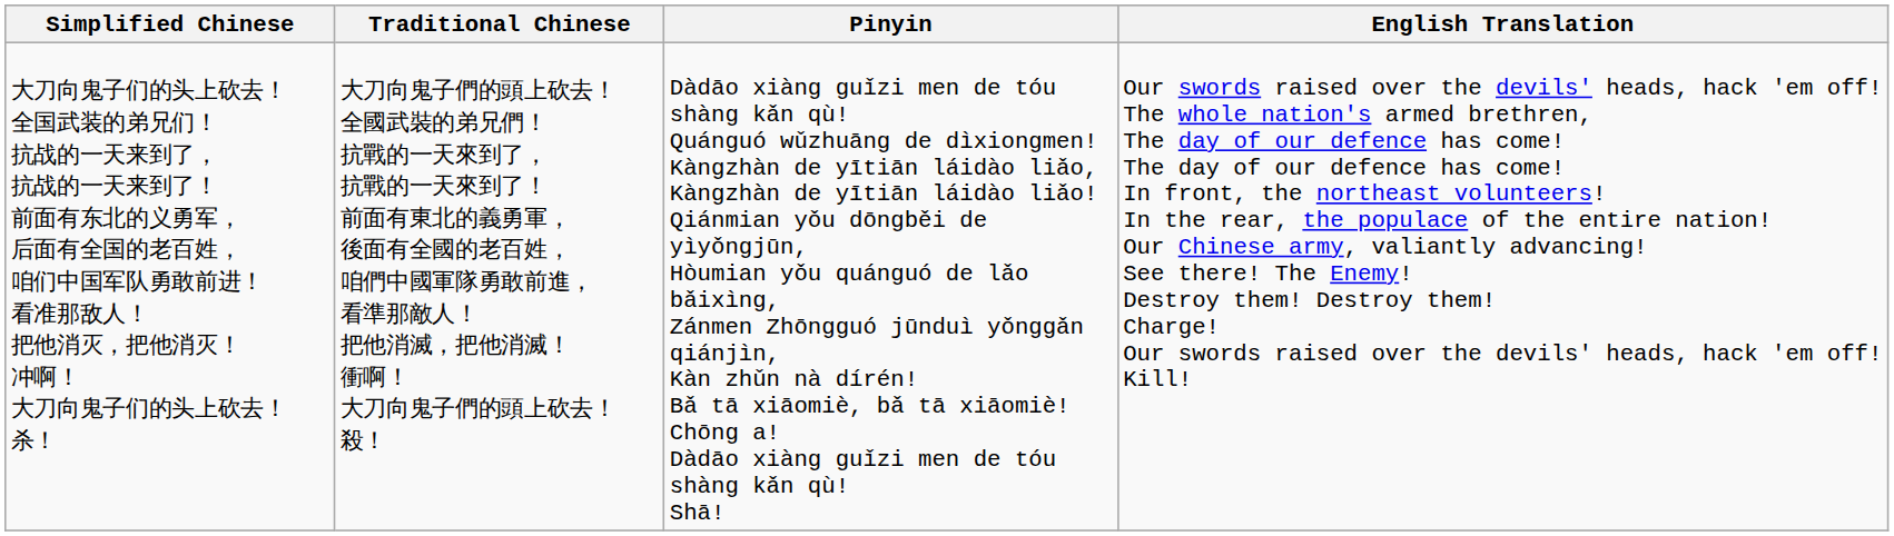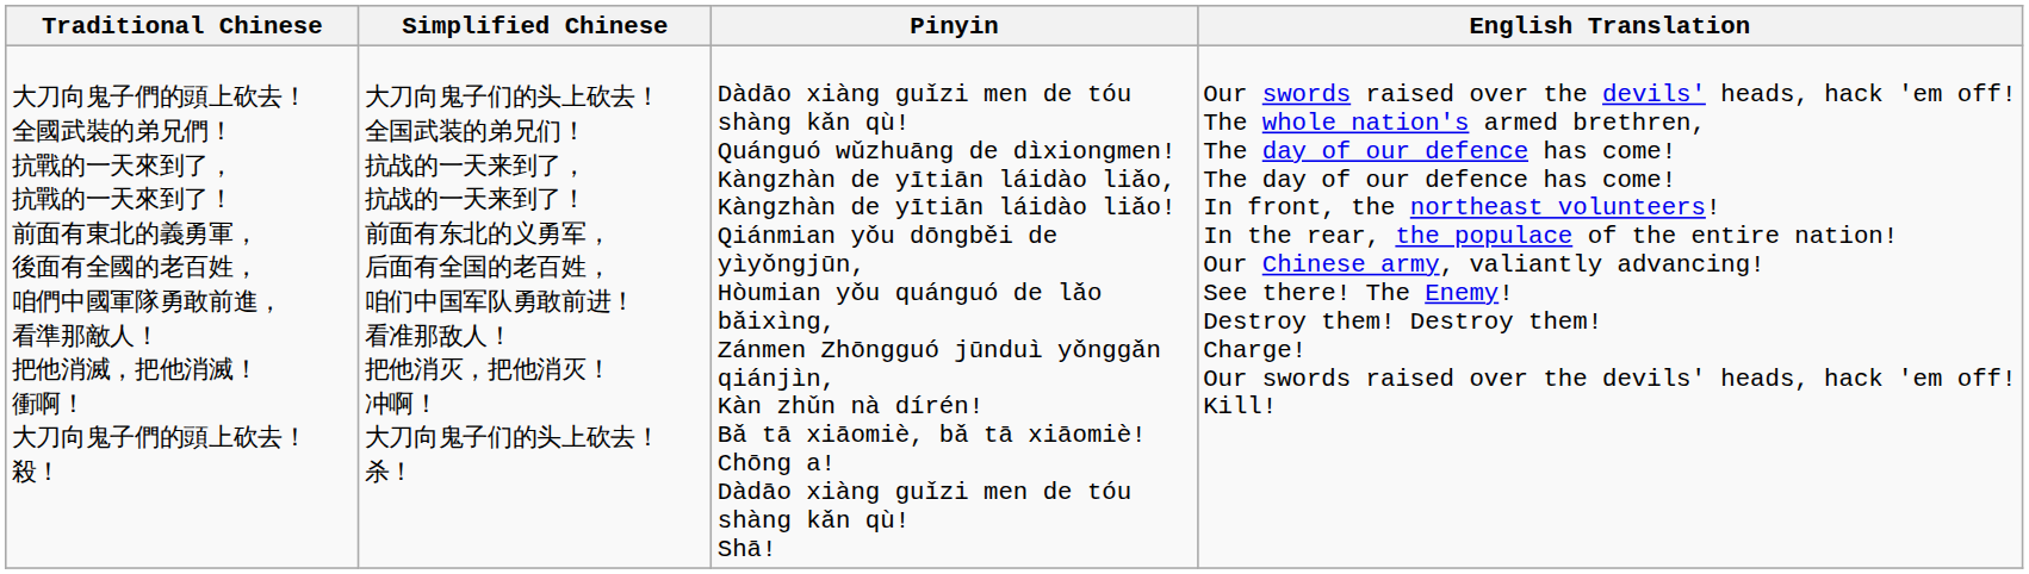 <table class="wikitable">
 <tr>
+<th width="180">Traditional Chinese</th>
 <th width="180">Simplified Chinese</th>
-<th width="180">Traditional Chinese</th>
 <th width="250">Pinyin</th>
 <th>English Translation</th>
 </tr>
 <tr valign="top">
+<td><br>大刀向鬼子們的頭上砍去！<br> 全國武裝的弟兄們！<br> 抗戰的一天來到了，<br> 抗戰的一天來到了！<br> 前面有東北的義勇軍，<br> 後面有全國的老百姓，<br> 咱們中國軍隊勇敢前進，<br> 看準那敵人！<br> 把他消滅，把他消滅！<br> 衝啊！<br> 大刀向鬼子們的頭上砍去！<br> 殺！</td>
 <td><br>大刀向鬼子们的头上砍去！<br> 全国武装的弟兄们！<br> 抗战的一天来到了，<br> 抗战的一天来到了！<br> 前面有东北的义勇军，<br> 后面有全国的老百姓，<br> 咱们中国军队勇敢前进！<br> 看准那敌人！<br> 把他消灭，把他消灭！<br> 冲啊！<br> 大刀向鬼子们的头上砍去！<br> 杀！<br></td>
-<td><br>大刀向鬼子們的頭上砍去！<br> 全國武裝的弟兄們！<br> 抗戰的一天來到了，<br> 抗戰的一天來到了！<br> 前面有東北的義勇軍，<br> 後面有全國的老百姓，<br> 咱們中國軍隊勇敢前進，<br> 看準那敵人！<br> 把他消滅，把他消滅！<br> 衝啊！<br> 大刀向鬼子們的頭上砍去！<br> 殺！</td>
 <td><br>Dàdāo xiàng guǐzi men de tóu shàng kǎn qù!<br> Quánguó wǔzhuāng de dìxiongmen!<br> Kàngzhàn de yītiān láidào liǎo,<br> Kàngzhàn de yītiān láidào liǎo!<br> Qiánmian yǒu dōngběi de yìyǒngjūn,<br> Hòumian yǒu quánguó de lǎo bǎixìng,<br> Zánmen Zhōngguó jūnduì yǒnggǎn qiánjìn,<br> Kàn zhǔn nà dírén!<br> Bǎ tā xiāomiè, bǎ tā xiāomiè!<br> Chōng a!<br> Dàdāo xiàng guǐzi men de tóu shàng kǎn qù!<br> Shā!</td>
 <td><br>Our <a href='#'>swords</a> raised over the <a href='#'>devils'</a> heads, hack 'em off!<br> The <a href='#'>whole nation's</a> armed brethren,<br> The <a href='#'>day of our defence</a> has come!<br> The day of our defence has come!<br> In front, the <a href='#'>northeast volunteers</a>!<br> In the rear, <a href='#'>the populace</a> of the entire nation!<br> Our <a href='#'>Chinese army</a>, valiantly advancing!<br> See there! The <a href='#'>Enemy</a>!<br> Destroy them! Destroy them!<br> Charge!<br> Our swords raised over the devils' heads, hack 'em off!<br> Kill!</td>
 </tr>
 </table>
